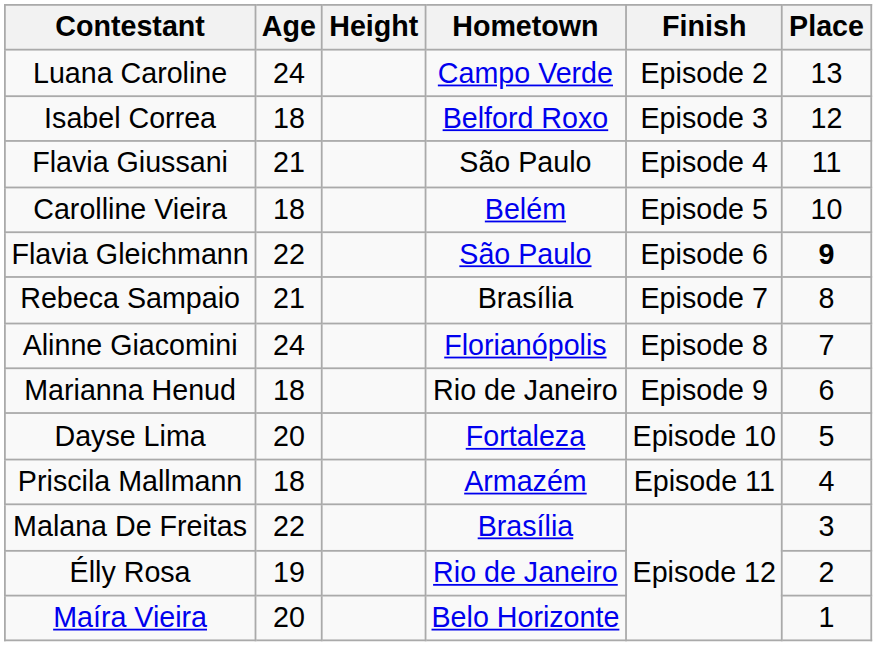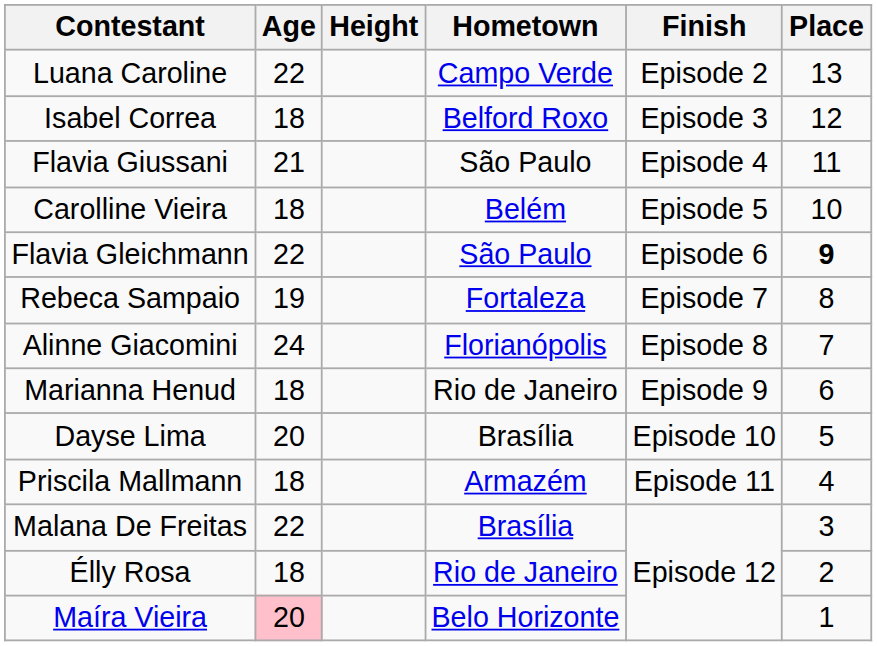 <table class="wikitable sortable" style="text-align:center;">
 <tr>
 <th>Contestant</th>
 <th>Age</th>
 <th>Height</th>
 <th>Hometown</th>
 <th>Finish</th>
 <th>Place</th>
 </tr>
 <tr>
 <td>Luana Caroline</td>
-<td>24</td>
+<td>22</td>
 <td></td>
 <td><a href='#'>Campo Verde</a></td>
 <td>Episode 2</td>
 <td>13</td>
 </tr>
 <tr>
 <td>Isabel Correa</td>
 <td>18</td>
 <td></td>
 <td><a href='#'>Belford Roxo</a></td>
 <td>Episode 3</td>
 <td>12</td>
 </tr>
 <tr>
 <td>Flavia Giussani</td>
 <td>21</td>
 <td></td>
 <td>São Paulo</td>
 <td>Episode 4</td>
 <td>11</td>
 </tr>
 <tr>
 <td>Carolline Vieira</td>
 <td>18</td>
 <td></td>
 <td><a href='#'>Belém</a></td>
 <td>Episode 5</td>
 <td>10</td>
 </tr>
 <tr>
 <td>Flavia Gleichmann</td>
 <td>22</td>
 <td></td>
 <td><a href='#'>São Paulo</a></td>
 <td>Episode 6</td>
 <td><strong>9</strong></td>
 </tr>
 <tr>
 <td>Rebeca Sampaio</td>
-<td>21</td>
+<td>19</td>
 <td></td>
-<td>Brasília</td>
+<td><a href='#'>Fortaleza</a></td>
 <td>Episode 7</td>
 <td>8</td>
 </tr>
 <tr>
 <td>Alinne Giacomini</td>
 <td>24</td>
 <td></td>
 <td><a href='#'>Florianópolis</a></td>
 <td>Episode 8</td>
 <td>7</td>
 </tr>
 <tr>
 <td>Marianna Henud</td>
 <td>18</td>
 <td></td>
 <td>Rio de Janeiro</td>
 <td>Episode 9</td>
 <td>6</td>
 </tr>
 <tr>
 <td>Dayse Lima</td>
 <td>20</td>
 <td></td>
-<td><a href='#'>Fortaleza</a></td>
+<td>Brasília</td>
 <td>Episode 10</td>
 <td>5</td>
 </tr>
 <tr>
 <td>Priscila Mallmann</td>
 <td>18</td>
 <td></td>
 <td><a href='#'>Armazém</a></td>
 <td>Episode 11</td>
 <td>4</td>
 </tr>
 <tr>
 <td>Malana De Freitas</td>
 <td>22</td>
 <td></td>
 <td><a href='#'>Brasília</a></td>
 <td rowspan="3">Episode 12</td>
 <td>3</td>
 </tr>
 <tr>
 <td>Élly Rosa</td>
-<td>19</td>
+<td>18</td>
 <td></td>
 <td><a href='#'>Rio de Janeiro</a></td>
 <td>2</td>
 </tr>
 <tr>
 <td><a href='#'>Maíra Vieira</a></td>
-<td>20</td>
+<td style="background: pink;">20</td>
 <td></td>
 <td><a href='#'>Belo Horizonte</a></td>
 <td>1</td>
 </tr>
 </table>
